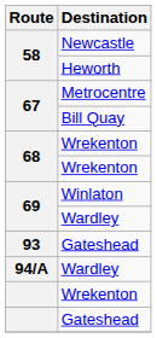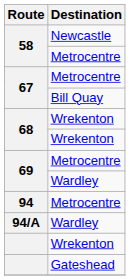 <table class="wikitable">
 <tr>
 <th><strong>Route</strong></th>
 <th><strong>Destination</strong></th>
 </tr>
 <tr>
 <th rowspan="2">58</th>
 <td><a href='#'>Newcastle</a>  </td>
 </tr>
 <tr>
-<td><a href='#'>Heworth</a>     </td>
+<td><a href='#'>Metrocentre</a>    </td>
 </tr>
 <tr>
 <th rowspan="2">67</th>
 <td><a href='#'>Metrocentre</a>    </td>
 </tr>
 <tr>
 <td><a href='#'>Bill Quay</a>  </td>
 </tr>
 <tr>
 <th rowspan="2">68</th>
 <td><a href='#'>Wrekenton</a>  </td>
 </tr>
 <tr>
 <td><a href='#'>Wrekenton</a>  </td>
 </tr>
 <tr>
 <th rowspan="2">69</th>
-<td><a href='#'>Winlaton</a>   </td>
+<td><a href='#'>Metrocentre</a>    </td>
 </tr>
 <tr>
 <td><a href='#'>Wardley</a>  </td>
 </tr>
 <tr>
-<th>93</th>
-<td><a href='#'>Gateshead</a>    </td>
+<th>94</th>
+<td><a href='#'>Metrocentre</a>    </td>
 </tr>
 <tr>
 <th>94/A</th>
 <td><a href='#'>Wardley</a>  </td>
 </tr>
 <tr>
 <th></th>
 <td><a href='#'>Wrekenton</a> </td>
 </tr>
 <tr>
 <th></th>
 <td><a href='#'>Gateshead</a>  </td>
 </tr>
 <tr>
 </tr>
 </table>
